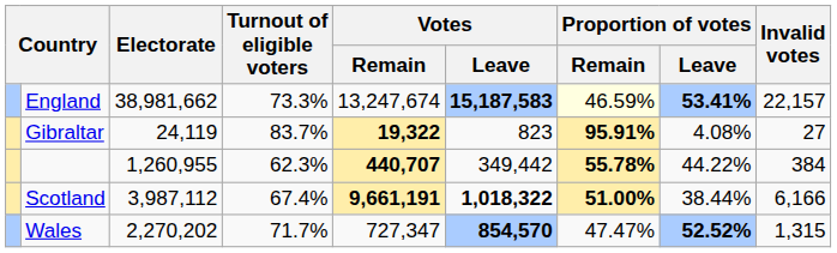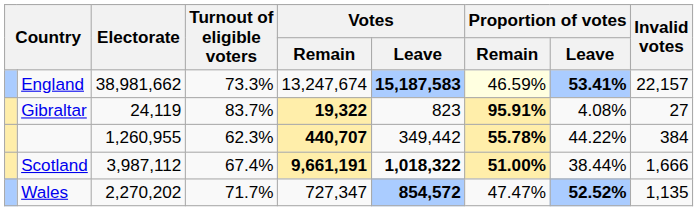 <table class="wikitable sortable">
 <tr>
 <th rowspan=2 colspan=2>Country</th>
 <th rowspan=2>Electorate</th>
 <th rowspan=2>Turnout of <br> eligible <br> voters</th>
 <th colspan=2>Votes</th>
 <th colspan=2>Proportion of votes</th>
 <th rowspan=2 colspan=2>Invalid <br> votes</th>
 </tr>
 <tr>
 <th>Remain</th>
 <th>Leave</th>
 <th>Remain</th>
 <th>Leave</th>
 </tr>
 <tr>
 <td style="text-align: right; background:#acf;"> </td>
 <td><a href='#'>England</a></td>
 <td style="text-align: right;">38,981,662</td>
 <td style="text-align: right;">73.3%</td>
 <td style="text-align: right;">13,247,674</td>
 <td style="text-align: right; background:#acf;"><strong>15,187,583</strong></td>
 <td style="background: lightyellow; text-align: right;">46.59%</td>
 <td style="text-align: right; background:#acf;"><strong>53.41%</strong></td>
 <td style="text-align: right;">22,157</td>
 </tr>
 <tr>
 <td style="text-align: right; background:#fea"> </td>
 <td><a href='#'>Gibraltar</a></td>
 <td style="text-align: right;">24,119</td>
 <td style="text-align: right;">83.7%</td>
 <td style="text-align: right; background:#fea;"><strong>19,322</strong></td>
 <td style="text-align: right;">823</td>
 <td style="text-align: right; background:#fea;"><strong>95.91%</strong></td>
 <td style="text-align: right;">4.08%</td>
 <td style="text-align: right;">27</td>
 </tr>
 <tr>
 <td style="text-align: right; background:#fea"> </td>
 <td></td>
 <td style="text-align: right;">1,260,955</td>
 <td style="text-align: right;">62.3%</td>
 <td style="text-align: right; background:#fea;"><strong>440,707</strong></td>
 <td style="text-align: right;">349,442</td>
 <td style="text-align: right; background:#fea;"><strong>55.78%</strong></td>
 <td style="text-align: right;">44.22%</td>
 <td style="text-align: right;">384</td>
 </tr>
 <tr>
 <td style="text-align: right; background:#fea"> </td>
 <td><a href='#'>Scotland</a></td>
 <td style="text-align: right;">3,987,112</td>
 <td style="text-align: right;">67.4%</td>
 <td style="text-align: right; background:#fea;"><strong>9,661,191</strong></td>
 <td style="text-align: right;"><strong>1,018,322</strong></td>
 <td style="text-align: right; background:#fea;"><strong>51.00%</strong></td>
 <td style="text-align: right;">38.44%</td>
-<td style="text-align: right;">6,166</td>
+<td style="text-align: right;">1,666</td>
 </tr>
 <tr>
 <td style="text-align: right; background:#acf;"> </td>
 <td><a href='#'>Wales</a></td>
 <td style="text-align: right;">2,270,202</td>
 <td style="text-align: right;">71.7%</td>
 <td style="text-align: right;">727,347</td>
-<td style="text-align: right; background:#acf;"><strong>854,570</strong></td>
+<td style="text-align: right; background:#acf;"><strong>854,572</strong></td>
 <td style="text-align: right;">47.47%</td>
 <td style="text-align: right; background:#acf;"><strong>52.52%</strong></td>
-<td style="text-align: right;">1,315</td>
+<td style="text-align: right;">1,135</td>
 </tr>
 </table>
